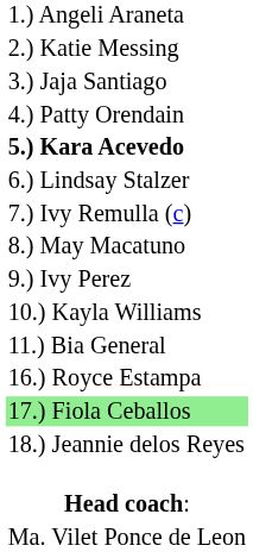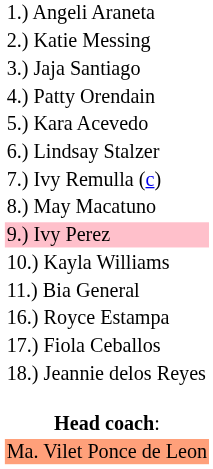 <table style="text-align: center; margin-top: 2em; margin-left: auto; margin-right: auto">
 <tr align=left>
 <td>1.) Angeli Araneta</td>
 </tr>
 <tr align=left>
 <td>2.) Katie Messing</td>
 </tr>
 <tr align=left>
 <td>3.) Jaja Santiago</td>
 </tr>
 <tr align=left>
 <td>4.) Patty Orendain</td>
 </tr>
 <tr align=left>
-<td><strong>5.) Kara Acevedo</strong></td>
+<td>5.) Kara Acevedo</td>
 </tr>
 <tr align=left>
 <td>6.) Lindsay Stalzer</td>
 </tr>
 <tr align=left>
 <td>7.) Ivy Remulla (<a href='#'>c</a>)</td>
 </tr>
 <tr align=left>
 <td>8.) May Macatuno</td>
 </tr>
 <tr align=left>
-<td>9.) Ivy Perez</td>
+<td style="background: pink;">9.) Ivy Perez</td>
 </tr>
 <tr align=left>
 <td>10.) Kayla Williams</td>
 </tr>
 <tr align=left>
 <td>11.) Bia General</td>
 </tr>
 <tr align=left>
 <td>16.) Royce Estampa</td>
 </tr>
 <tr align=left>
-<td style="background: lightgreen;">17.) Fiola Ceballos</td>
+<td>17.) Fiola Ceballos</td>
 </tr>
 <tr align=left>
 <td>18.) Jeannie delos Reyes</td>
 </tr>
 <tr>
 <td><br><strong>Head coach</strong>:</td>
 </tr>
 <tr>
-<td>Ma. Vilet Ponce de Leon</td>
+<td style="background: lightsalmon;">Ma. Vilet Ponce de Leon</td>
 </tr>
 </table>
